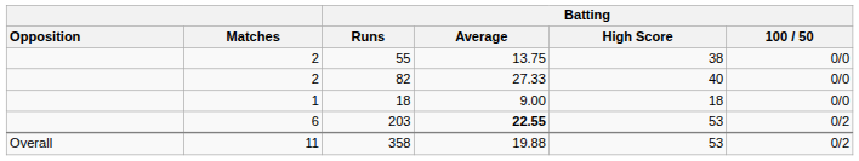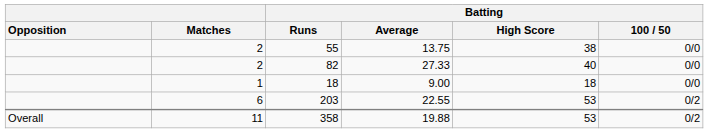 <table class="wikitable"  style="margin:1em auto 1em auto; width:80%;">
 <tr>
 <th colspan=2> </th>
 <th colspan=4>Batting</th>
 </tr>
 <tr>
 <th style="text-align:left;">Opposition</th>
 <th>Matches</th>
 <th>Runs</th>
 <th>Average</th>
 <th>High Score</th>
 <th>100 / 50</th>
 </tr>
 <tr style="text-align:right;">
 <td style="text-align:left;"></td>
 <td>2</td>
 <td>55</td>
 <td>13.75</td>
 <td>38</td>
 <td>0/0</td>
 </tr>
 <tr style="text-align:right;">
 <td style="text-align:left;"></td>
 <td>2</td>
 <td>82</td>
 <td>27.33</td>
 <td>40</td>
 <td>0/0</td>
 </tr>
 <tr style="text-align:right;">
 <td style="text-align:left;"></td>
 <td>1</td>
 <td>18</td>
 <td>9.00</td>
 <td>18</td>
 <td>0/0</td>
 </tr>
 <tr style="text-align:right;">
 <td style="text-align:left;"></td>
 <td>6</td>
 <td>203</td>
-<td><strong>22.55</strong></td>
+<td>22.55</td>
 <td>53</td>
 <td>0/2</td>
 </tr>
 <tr style="text-align:right; border-top:solid 2px gray;">
 <td style="text-align:left;">Overall</td>
 <td>11</td>
 <td>358</td>
 <td>19.88</td>
 <td>53</td>
 <td>0/2</td>
 </tr>
 </table>
